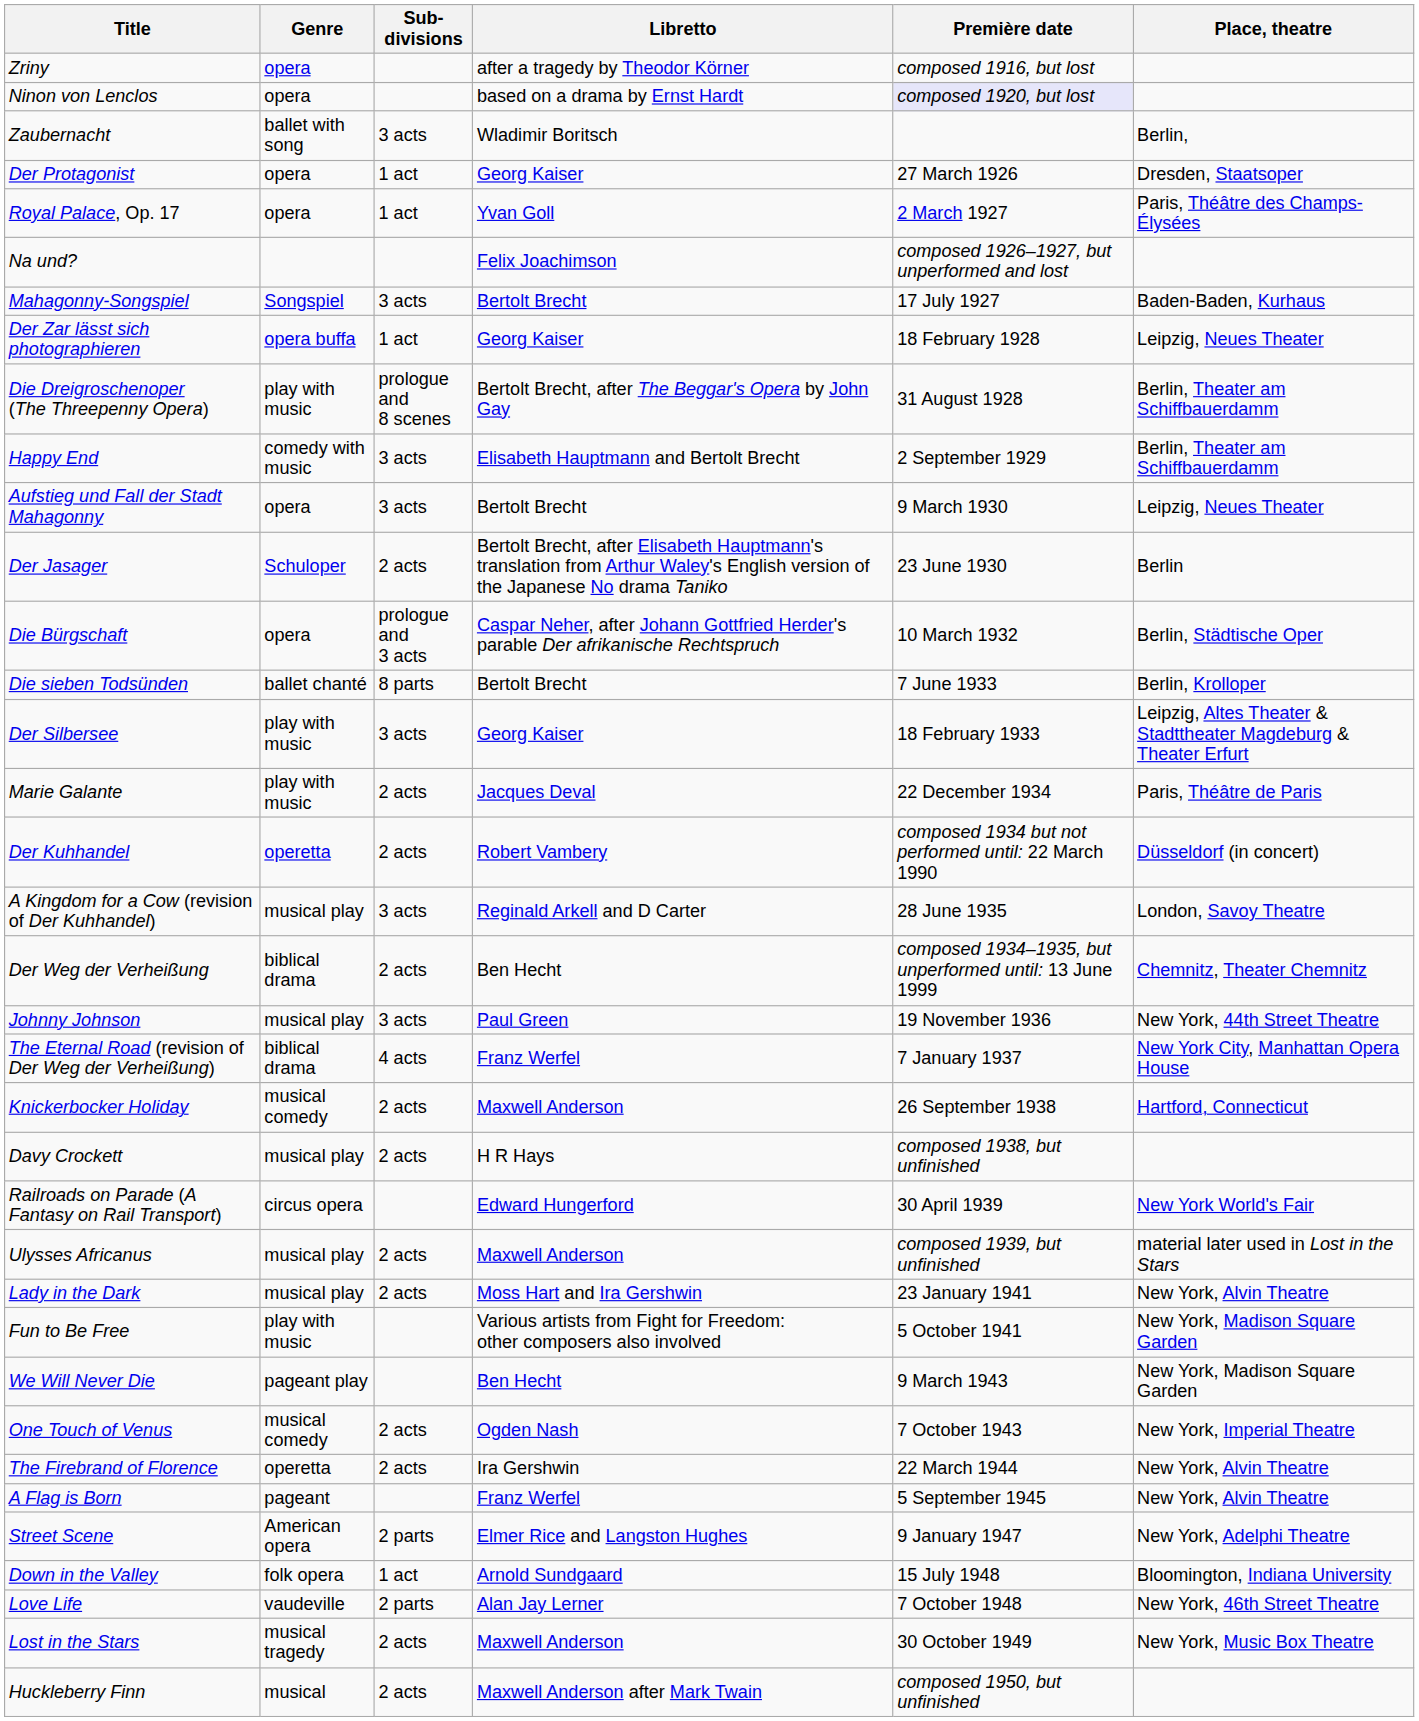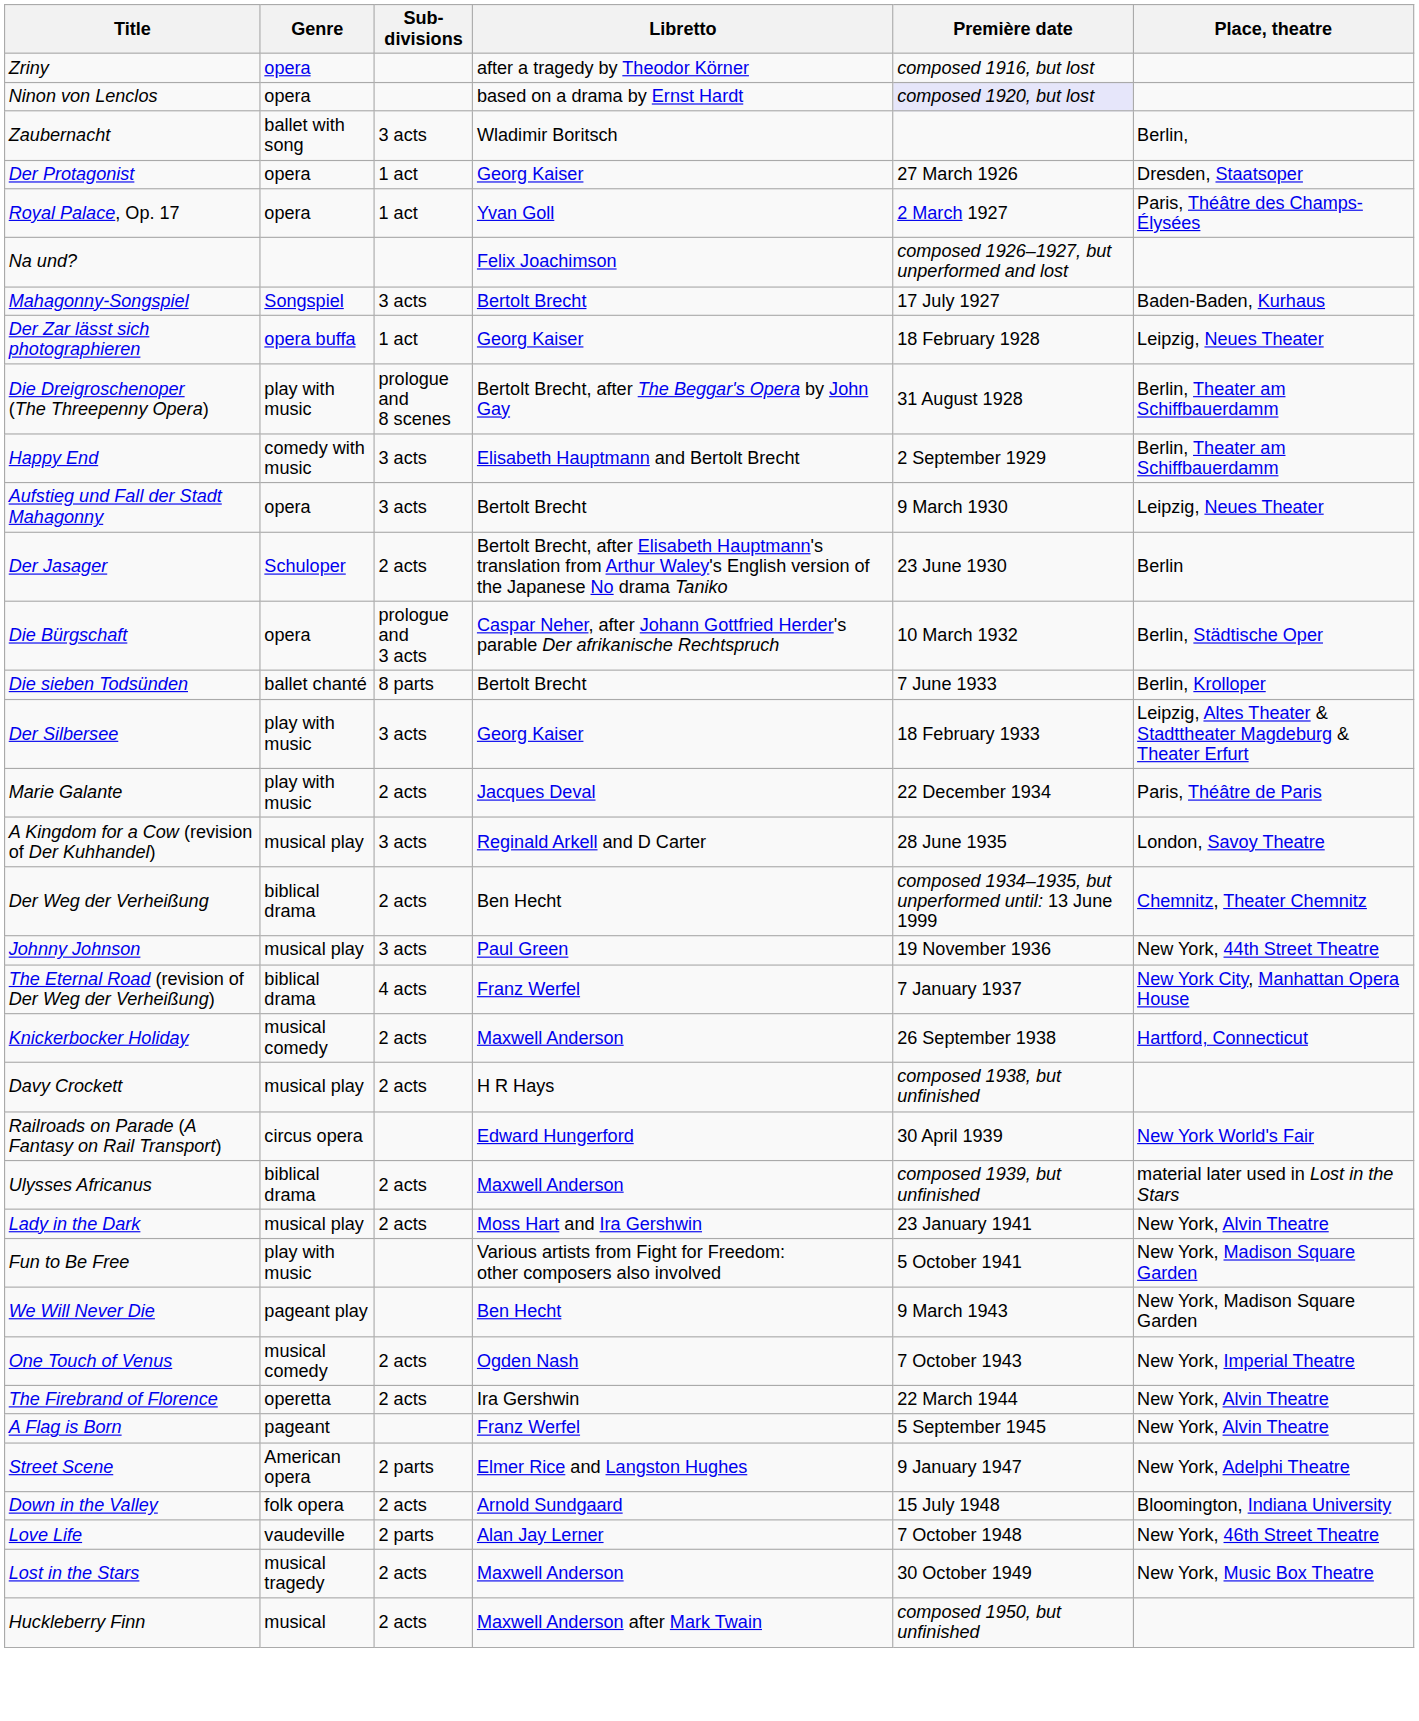 <table class="wikitable sortable">
 <tr>
 <th>Title</th>
 <th>Genre</th>
 <th>Sub­divisions</th>
 <th>Libretto</th>
 <th>Première date</th>
 <th>Place, theatre</th>
 </tr>
 <tr>
 <td><em>Zriny</em></td>
 <td><a href='#'>opera</a></td>
 <td> </td>
 <td>after a tragedy by <a href='#'>Theodor Körner</a></td>
 <td><em>composed 1916, but lost</em></td>
 <td> </td>
 </tr>
 <tr>
 <td><em>Ninon von Lenclos</em></td>
 <td>opera</td>
 <td> </td>
 <td>based on a drama by <a href='#'>Ernst Hardt</a></td>
 <td style="background: lavender;"><em>composed 1920, but lost</em></td>
 <td> </td>
 </tr>
 <tr>
 <td><em>Zaubernacht</em></td>
 <td>ballet with song</td>
 <td>3 acts</td>
 <td>Wladimir Boritsch</td>
 <td></td>
 <td>Berlin, </td>
 </tr>
 <tr>
 <td><em><a href='#'>Der Protagonist</a></em></td>
 <td>opera</td>
 <td>1 act</td>
 <td><a href='#'>Georg Kaiser</a></td>
 <td>27 March 1926</td>
 <td>Dresden, <a href='#'>Staatsoper</a></td>
 </tr>
 <tr>
 <td><em><a href='#'>Royal Palace</a></em>, Op. 17</td>
 <td>opera</td>
 <td>1 act</td>
 <td><a href='#'>Yvan Goll</a></td>
 <td><a href='#'>2 March</a> 1927</td>
 <td>Paris, <a href='#'>Théâtre des Champs-Élysées</a></td>
 </tr>
 <tr>
 <td><em>Na und?</em></td>
 <td> </td>
 <td> </td>
 <td><a href='#'>Felix Joachimson</a></td>
 <td><em>composed 1926–1927, but unperformed and lost</em></td>
 <td> </td>
 </tr>
 <tr>
 <td><em><a href='#'>Mahagonny-Songspiel</a></em></td>
 <td><a href='#'>Songspiel</a></td>
 <td>3 acts</td>
 <td><a href='#'>Bertolt Brecht</a></td>
 <td>17 July 1927</td>
 <td>Baden-Baden, <a href='#'>Kurhaus</a></td>
 </tr>
 <tr>
 <td><em><a href='#'>Der Zar lässt sich photographieren</a></em></td>
 <td><a href='#'>opera buffa</a></td>
 <td>1 act</td>
 <td><a href='#'>Georg Kaiser</a></td>
 <td>18 February 1928</td>
 <td>Leipzig, <a href='#'>Neues Theater</a></td>
 </tr>
 <tr>
 <td><em><a href='#'>Die Dreigroschenoper</a></em><br>(<em>The Threepenny Opera</em>)</td>
 <td>play with music</td>
 <td>prologue and<br>8 scenes</td>
 <td>Bertolt Brecht, after <em><a href='#'>The Beggar's Opera</a></em> by <a href='#'>John Gay</a></td>
 <td>31 August 1928</td>
 <td>Berlin, <a href='#'>Theater am Schiffbauerdamm</a></td>
 </tr>
 <tr>
 <td><em><a href='#'>Happy End</a></em></td>
 <td>comedy with music</td>
 <td>3 acts</td>
 <td><a href='#'>Elisabeth Hauptmann</a> and Bertolt Brecht</td>
 <td>2 September 1929</td>
 <td>Berlin, <a href='#'>Theater am Schiffbauerdamm</a></td>
 </tr>
 <tr>
 <td><em><a href='#'>Aufstieg und Fall der Stadt Mahagonny</a></em></td>
 <td>opera</td>
 <td>3 acts</td>
 <td>Bertolt Brecht</td>
 <td>9 March 1930</td>
 <td>Leipzig, <a href='#'>Neues Theater</a></td>
 </tr>
 <tr>
 <td><em><a href='#'>Der Jasager</a></em></td>
 <td><a href='#'>Schuloper</a></td>
 <td>2 acts</td>
 <td>Bertolt Brecht, after <a href='#'>Elisabeth Hauptmann</a>'s translation from <a href='#'>Arthur Waley</a>'s English version of the Japanese <a href='#'>No</a> drama <em>Taniko</em></td>
 <td>23 June 1930</td>
 <td>Berlin</td>
 </tr>
 <tr>
 <td><em><a href='#'>Die Bürgschaft</a></em></td>
 <td>opera</td>
 <td>prologue and<br>3 acts</td>
 <td><a href='#'>Caspar Neher</a>, after <a href='#'>Johann Gottfried Herder</a>'s parable <em>Der afrikanische Rechtspruch</em></td>
 <td>10 March 1932</td>
 <td>Berlin, <a href='#'>Städtische Oper</a></td>
 </tr>
 <tr>
 <td><em><a href='#'>Die sieben Todsünden</a></em></td>
 <td>ballet chanté</td>
 <td>8 parts</td>
 <td>Bertolt Brecht</td>
 <td>7 June 1933</td>
 <td>Berlin, <a href='#'>Krolloper</a></td>
 </tr>
 <tr>
 <td><em><a href='#'>Der Silbersee</a></em></td>
 <td>play with music</td>
 <td>3 acts</td>
 <td><a href='#'>Georg Kaiser</a></td>
 <td>18 February 1933</td>
 <td>Leipzig, <a href='#'>Altes Theater</a> & <a href='#'>Stadttheater Magdeburg</a> & <a href='#'>Theater Erfurt</a></td>
 </tr>
 <tr>
 <td><em>Marie Galante</em></td>
 <td>play with music</td>
 <td>2 acts</td>
 <td><a href='#'>Jacques Deval</a></td>
 <td>22 December 1934</td>
 <td>Paris, <a href='#'>Théâtre de Paris</a></td>
 </tr>
 <tr>
-<td><em><a href='#'>Der Kuhhandel</a></em></td>
-<td><a href='#'>operetta</a></td>
-<td>2 acts</td>
-<td><a href='#'>Robert Vambery</a></td>
-<td><em>composed 1934 but not performed until:</em> 22 March 1990</td>
-<td><a href='#'>Düsseldorf</a> (in concert)</td>
-</tr>
-<tr>
 <td><em>A Kingdom for a Cow</em> (revision of <em>Der Kuhhandel</em>)</td>
 <td>musical play</td>
 <td>3 acts</td>
 <td><a href='#'>Reginald Arkell</a> and D Carter</td>
 <td> 28 June 1935</td>
 <td>London, <a href='#'>Savoy Theatre</a></td>
 </tr>
 <tr>
 <td><em>Der Weg der Verheißung</em></td>
 <td>biblical drama</td>
 <td>2 acts</td>
 <td>Ben Hecht</td>
 <td><em>composed 1934–1935, but unperformed until:</em> 13 June 1999</td>
 <td><a href='#'>Chemnitz</a>, <a href='#'>Theater Chemnitz</a></td>
 </tr>
 <tr>
 <td><em><a href='#'>Johnny Johnson</a></em></td>
 <td>musical play</td>
 <td>3 acts</td>
 <td><a href='#'>Paul Green</a></td>
 <td>19 November 1936</td>
 <td>New York, <a href='#'>44th Street Theatre</a></td>
 </tr>
 <tr>
 <td><em><a href='#'>The Eternal Road</a></em> (revision of <em>Der Weg der Verheißung</em>)</td>
 <td>biblical drama</td>
 <td>4 acts</td>
 <td><a href='#'>Franz Werfel</a></td>
 <td>7 January 1937</td>
 <td><a href='#'>New York City</a>, <a href='#'>Manhattan Opera House</a></td>
 </tr>
 <tr>
 <td><em><a href='#'>Knickerbocker Holiday</a></em></td>
 <td>musical comedy</td>
 <td>2 acts</td>
 <td><a href='#'>Maxwell Anderson</a></td>
 <td>26 September 1938</td>
 <td><a href='#'>Hartford, Connecticut</a></td>
 </tr>
 <tr>
 <td><em>Davy Crockett</em></td>
 <td>musical play</td>
 <td>2 acts</td>
 <td>H R Hays</td>
 <td><em>composed 1938, but unfinished</em></td>
 <td> </td>
 </tr>
 <tr>
 <td><em>Railroads on Parade</em> (<em>A Fantasy on Rail Transport</em>)</td>
 <td>circus opera</td>
 <td> </td>
 <td><a href='#'>Edward Hungerford</a></td>
 <td>30 April 1939</td>
 <td><a href='#'>New York World's Fair</a></td>
 </tr>
 <tr>
 <td><em>Ulysses Africanus</em></td>
-<td>musical play</td>
+<td>biblical drama</td>
 <td>2 acts</td>
 <td><a href='#'>Maxwell Anderson</a></td>
 <td><em>composed 1939, but unfinished</em></td>
 <td>material later used in <em>Lost in the Stars</em></td>
 </tr>
 <tr>
 <td><em><a href='#'>Lady in the Dark</a></em></td>
 <td>musical play</td>
 <td>2 acts</td>
 <td><a href='#'>Moss Hart</a> and <a href='#'>Ira Gershwin</a></td>
 <td>23 January 1941</td>
 <td>New York, <a href='#'>Alvin Theatre</a></td>
 </tr>
 <tr>
 <td><em>Fun to Be Free</em></td>
 <td>play with music</td>
 <td></td>
 <td>Various artists from Fight for Freedom:<br>other composers also involved</td>
 <td>5 October 1941</td>
 <td>New York, <a href='#'>Madison Square Garden</a></td>
 </tr>
 <tr>
 <td><em><a href='#'>We Will Never Die</a></em></td>
 <td>pageant play</td>
 <td></td>
 <td><a href='#'>Ben Hecht</a></td>
 <td>9 March 1943</td>
 <td>New York, Madison Square Garden</td>
 </tr>
 <tr>
 <td><em><a href='#'>One Touch of Venus</a></em></td>
 <td>musical comedy</td>
 <td>2 acts</td>
 <td><a href='#'>Ogden Nash</a></td>
 <td>7 October 1943</td>
 <td>New York, <a href='#'>Imperial Theatre</a></td>
 </tr>
 <tr>
 <td><em><a href='#'>The Firebrand of Florence</a></em></td>
 <td>operetta</td>
 <td>2 acts</td>
 <td>Ira Gershwin</td>
 <td>22 March 1944</td>
 <td>New York, <a href='#'>Alvin Theatre</a></td>
 </tr>
 <tr>
 <td><em><a href='#'>A Flag is Born</a></em></td>
 <td>pageant</td>
 <td></td>
 <td><a href='#'>Franz Werfel</a></td>
 <td>5 September 1945</td>
 <td>New York, <a href='#'>Alvin Theatre</a></td>
 </tr>
 <tr>
 <td><em><a href='#'>Street Scene</a></em></td>
 <td>American opera</td>
 <td>2 parts</td>
 <td><a href='#'>Elmer Rice</a> and <a href='#'>Langston Hughes</a></td>
 <td>9 January 1947</td>
 <td>New York, <a href='#'>Adelphi Theatre</a></td>
 </tr>
 <tr>
 <td><em><a href='#'>Down in the Valley</a></em></td>
 <td>folk opera</td>
-<td>1 act</td>
+<td>2 acts</td>
 <td><a href='#'>Arnold Sundgaard</a></td>
 <td>15 July 1948</td>
 <td>Bloomington, <a href='#'>Indiana University</a></td>
 </tr>
 <tr>
 <td><em><a href='#'>Love Life</a></em></td>
 <td>vaudeville</td>
 <td>2 parts</td>
 <td><a href='#'>Alan Jay Lerner</a></td>
 <td>7 October 1948</td>
 <td>New York, <a href='#'>46th Street Theatre</a></td>
 </tr>
 <tr>
 <td><em><a href='#'>Lost in the Stars</a></em></td>
 <td>musical tragedy</td>
 <td>2 acts</td>
 <td><a href='#'>Maxwell Anderson</a></td>
 <td>30 October 1949</td>
 <td>New York, <a href='#'>Music Box Theatre</a></td>
 </tr>
 <tr>
 <td><em>Huckleberry Finn</em></td>
 <td>musical</td>
 <td>2 acts</td>
 <td><a href='#'>Maxwell Anderson</a> after <a href='#'>Mark Twain</a></td>
 <td><em>composed 1950, but unfinished</em></td>
 <td> </td>
 </tr>
 </table>
